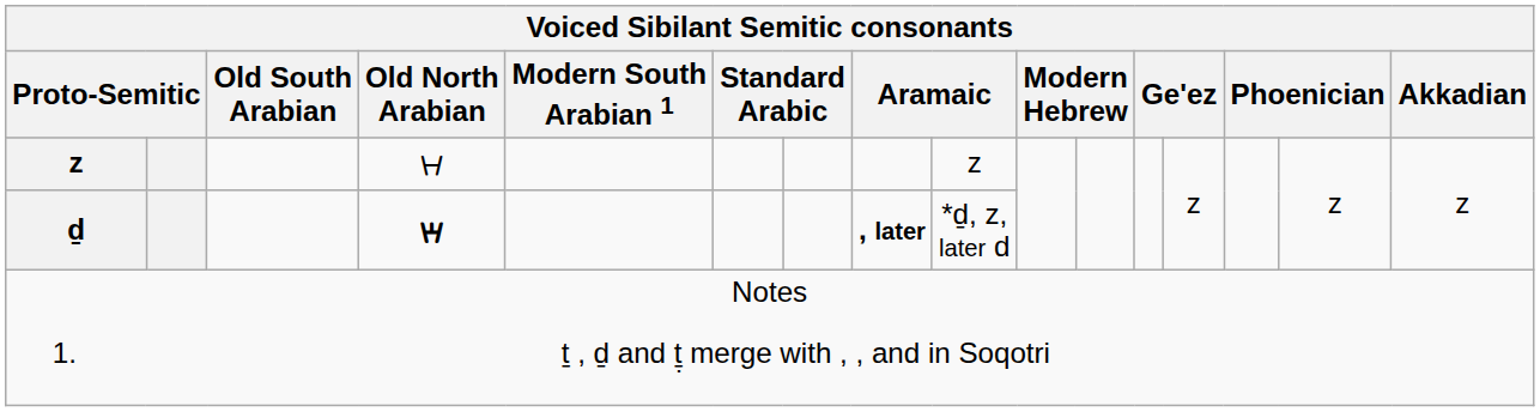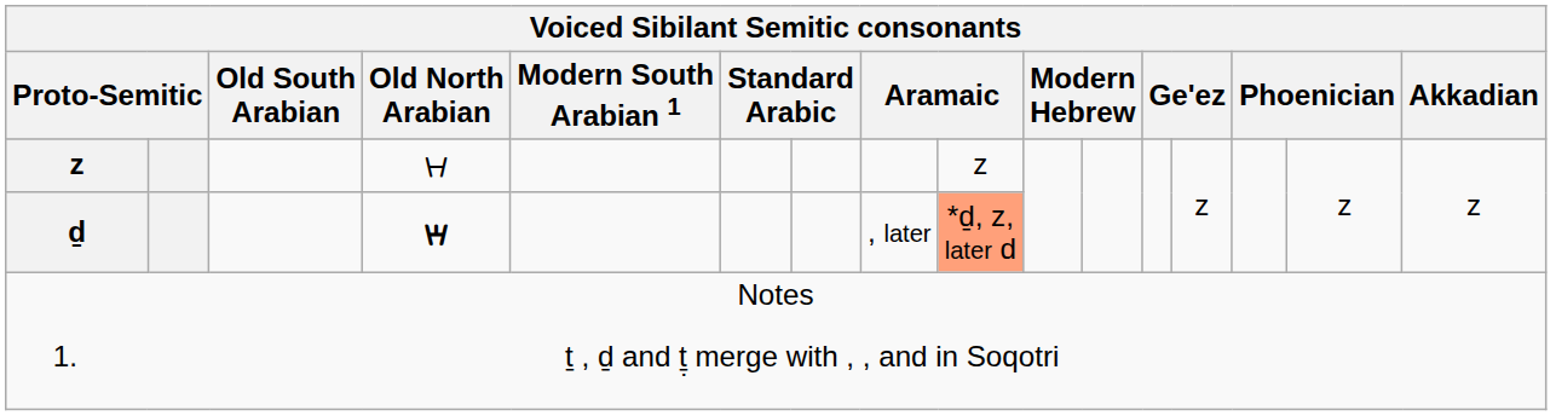 <table class="wikitable" style="text-align:center;">
 <tr>
 <th colspan="16">Voiced Sibilant Semitic consonants</th>
 </tr>
 <tr>
 <th colspan="2">Proto-Semitic</th>
 <th>Old South<br>Arabian</th>
 <th>Old North<br>Arabian</th>
 <th>Modern South<br>Arabian <sup>1</sup></th>
 <th colspan="2">Standard<br>Arabic</th>
 <th colspan="2">Aramaic</th>
 <th colspan="2">Modern<br>Hebrew</th>
 <th colspan="2">Ge'ez</th>
 <th colspan="2">Phoenician</th>
 <th>Akkadian</th>
 </tr>
 <tr>
 <th>z</th>
 <th></th>
 <td></td>
 <td>𐪘</td>
 <td></td>
 <td><big></big></td>
 <td></td>
 <td></td>
 <td>z</td>
 <td rowspan="2"></td>
 <td rowspan="2"></td>
 <td rowspan="2"></td>
 <td rowspan="2">z</td>
 <td rowspan="2"></td>
 <td rowspan="2">z</td>
 <td rowspan="2">z</td>
 </tr>
 <tr>
 <th>ḏ</th>
 <th></th>
 <td></td>
 <td><strong>𐪙</strong></td>
 <td></td>
 <td><big></big></td>
 <td></td>
-<td><strong>, <small>later</small> </strong></td>
-<td>*ḏ, z,<br><small>later</small> d</td>
+<td>, <small>later</small> </td>
+<td style="background: lightsalmon;">*ḏ, z,<br><small>later</small> d</td>
 </tr>
 <tr>
 <td colspan="16">Notes<br><ol><li>ṯ , ḏ  and ṯ̣  merge with , , and  in Soqotri</li></ol></td>
 </tr>
 </table>
